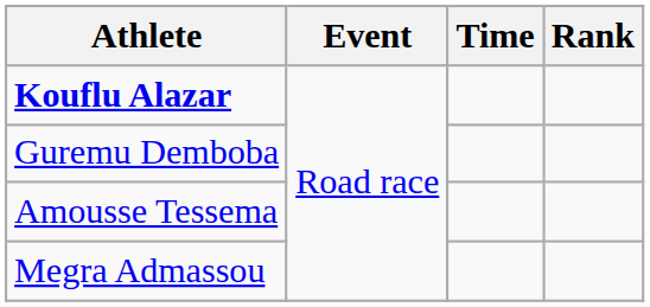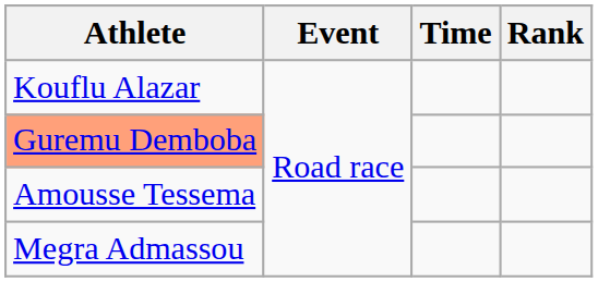 <table class=wikitable style="font-size:90%">
 <tr>
 <th>Athlete</th>
 <th>Event</th>
 <th>Time</th>
 <th>Rank</th>
 </tr>
 <tr align=center>
-<td align=left><strong><a href='#'>Kouflu Alazar</a></strong></td>
+<td align=left><a href='#'>Kouflu Alazar</a></td>
 <td align=left rowspan=4><a href='#'>Road race</a></td>
 <td></td>
 <td></td>
 </tr>
 <tr align=center>
-<td align=left><a href='#'>Guremu Demboba</a></td>
+<td align=left style="background: lightsalmon;"><a href='#'>Guremu Demboba</a></td>
 <td></td>
 <td></td>
 </tr>
 <tr align=center>
 <td align=left><a href='#'>Amousse Tessema</a></td>
 <td></td>
 <td></td>
 </tr>
 <tr align=center>
 <td align=left><a href='#'>Megra Admassou</a></td>
 <td></td>
 <td></td>
 </tr>
 </table>
